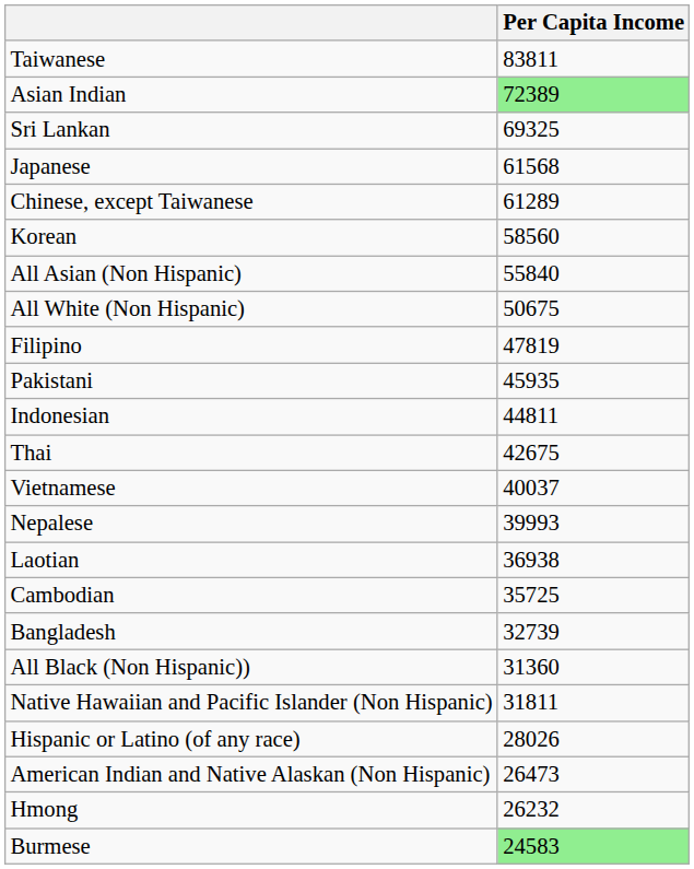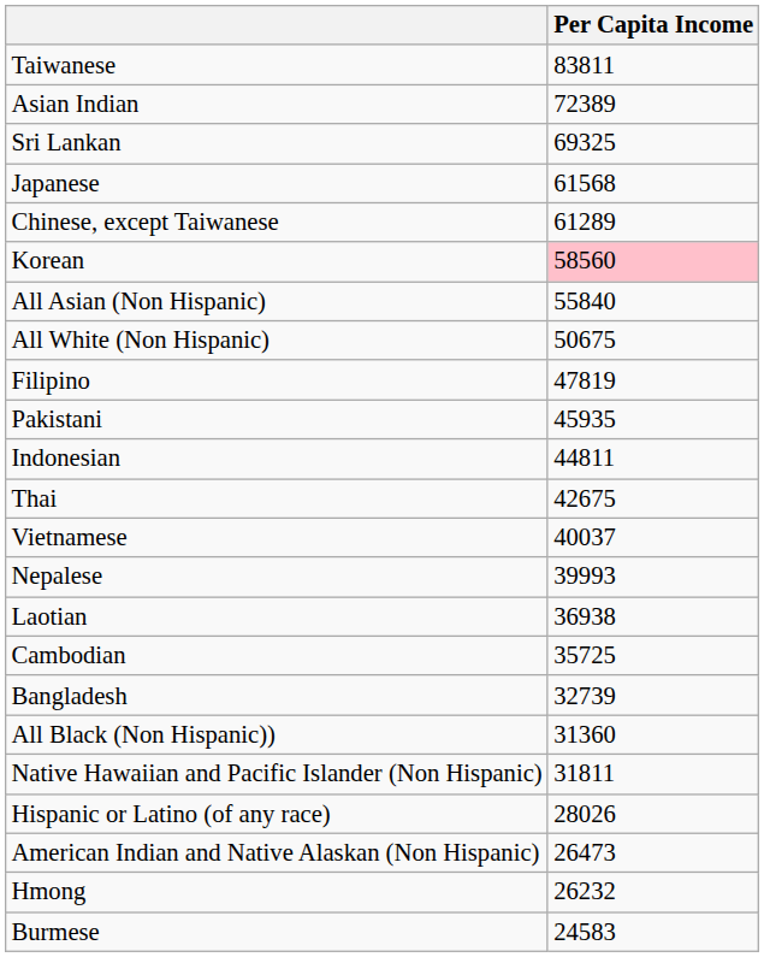 <table class="wikitable">
 <tr>
 <th></th>
 <th>Per Capita Income</th>
 </tr>
 <tr>
 <td>Taiwanese</td>
 <td>83811</td>
 </tr>
 <tr>
 <td>Asian Indian</td>
-<td style="background: lightgreen;">72389</td>
+<td>72389</td>
 </tr>
 <tr>
 <td>Sri Lankan</td>
 <td>69325</td>
 </tr>
 <tr>
 <td>Japanese</td>
 <td>61568</td>
 </tr>
 <tr>
 <td>Chinese, except Taiwanese</td>
 <td>61289</td>
 </tr>
 <tr>
 <td>Korean</td>
-<td>58560</td>
+<td style="background: pink;">58560</td>
 </tr>
 <tr>
 <td>All Asian (Non Hispanic)</td>
 <td>55840</td>
 </tr>
 <tr>
 <td>All White (Non Hispanic)</td>
 <td>50675</td>
 </tr>
 <tr>
 <td>Filipino</td>
 <td>47819</td>
 </tr>
 <tr>
 <td>Pakistani</td>
 <td>45935</td>
 </tr>
 <tr>
 <td>Indonesian</td>
 <td>44811</td>
 </tr>
 <tr>
 <td>Thai</td>
 <td>42675</td>
 </tr>
 <tr>
 <td>Vietnamese</td>
 <td>40037</td>
 </tr>
 <tr>
 <td>Nepalese</td>
 <td>39993</td>
 </tr>
 <tr>
 <td>Laotian</td>
 <td>36938</td>
 </tr>
 <tr>
 <td>Cambodian</td>
 <td>35725</td>
 </tr>
 <tr>
 <td>Bangladesh</td>
 <td>32739</td>
 </tr>
 <tr>
 <td>All Black (Non Hispanic))</td>
 <td>31360</td>
 </tr>
 <tr>
 <td>Native Hawaiian and Pacific Islander (Non Hispanic)</td>
 <td>31811</td>
 </tr>
 <tr>
 <td>Hispanic or Latino (of any race)</td>
 <td>28026</td>
 </tr>
 <tr>
 <td>American Indian and Native Alaskan (Non Hispanic)</td>
 <td>26473</td>
 </tr>
 <tr>
 <td>Hmong</td>
 <td>26232</td>
 </tr>
 <tr>
 <td>Burmese</td>
-<td style="background: lightgreen;">24583</td>
+<td>24583</td>
 </tr>
 </table>
